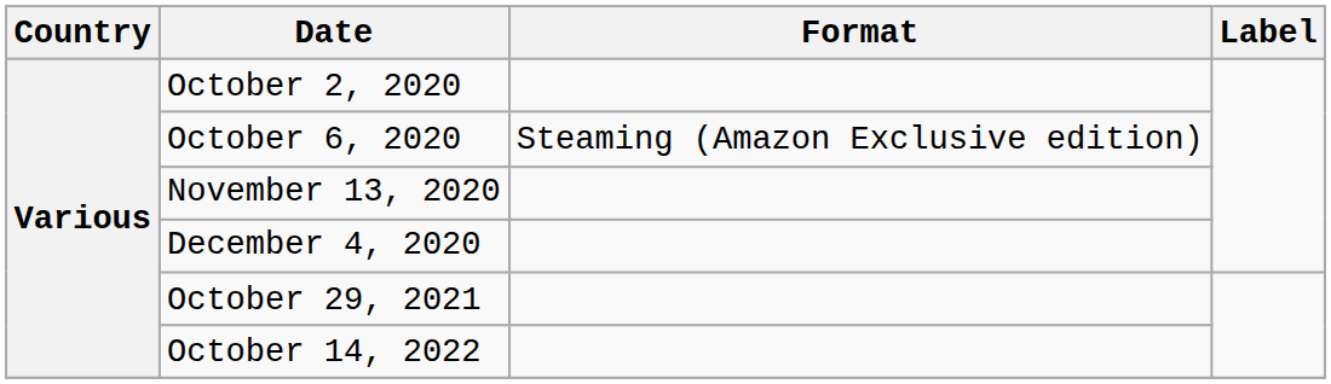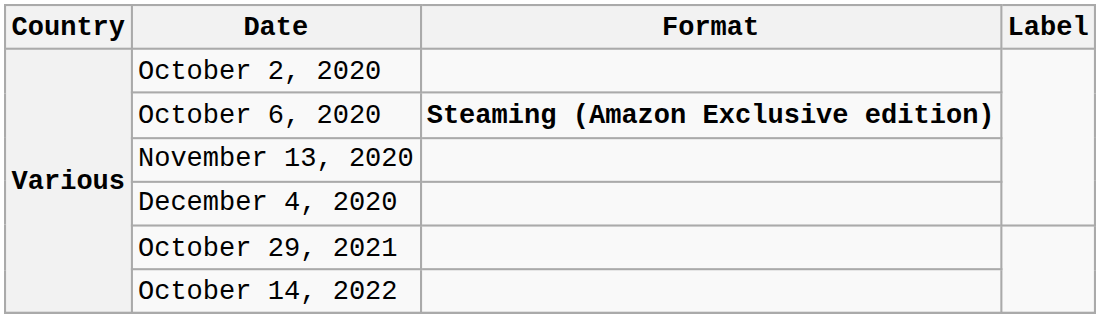 <table class="wikitable plainrowheaders">
 <tr>
 <th>Country</th>
 <th>Date</th>
 <th>Format</th>
 <th>Label</th>
 </tr>
 <tr>
 <th rowspan="6" scope="row">Various</th>
 <td>October 2, 2020</td>
 <td></td>
 <td rowspan="4"></td>
 </tr>
 <tr>
 <td>October 6, 2020</td>
-<td>Steaming (Amazon Exclusive edition)</td>
+<td><strong>Steaming (Amazon Exclusive edition)</strong></td>
 </tr>
 <tr>
 <td>November 13, 2020</td>
 <td></td>
 </tr>
 <tr>
 <td>December 4, 2020</td>
 <td></td>
 </tr>
 <tr>
 <td>October 29, 2021</td>
 <td></td>
 <td rowspan = "2"></td>
 </tr>
 <tr>
 <td>October 14, 2022</td>
 <td></td>
 </tr>
 <tr>
 </tr>
 </table>
